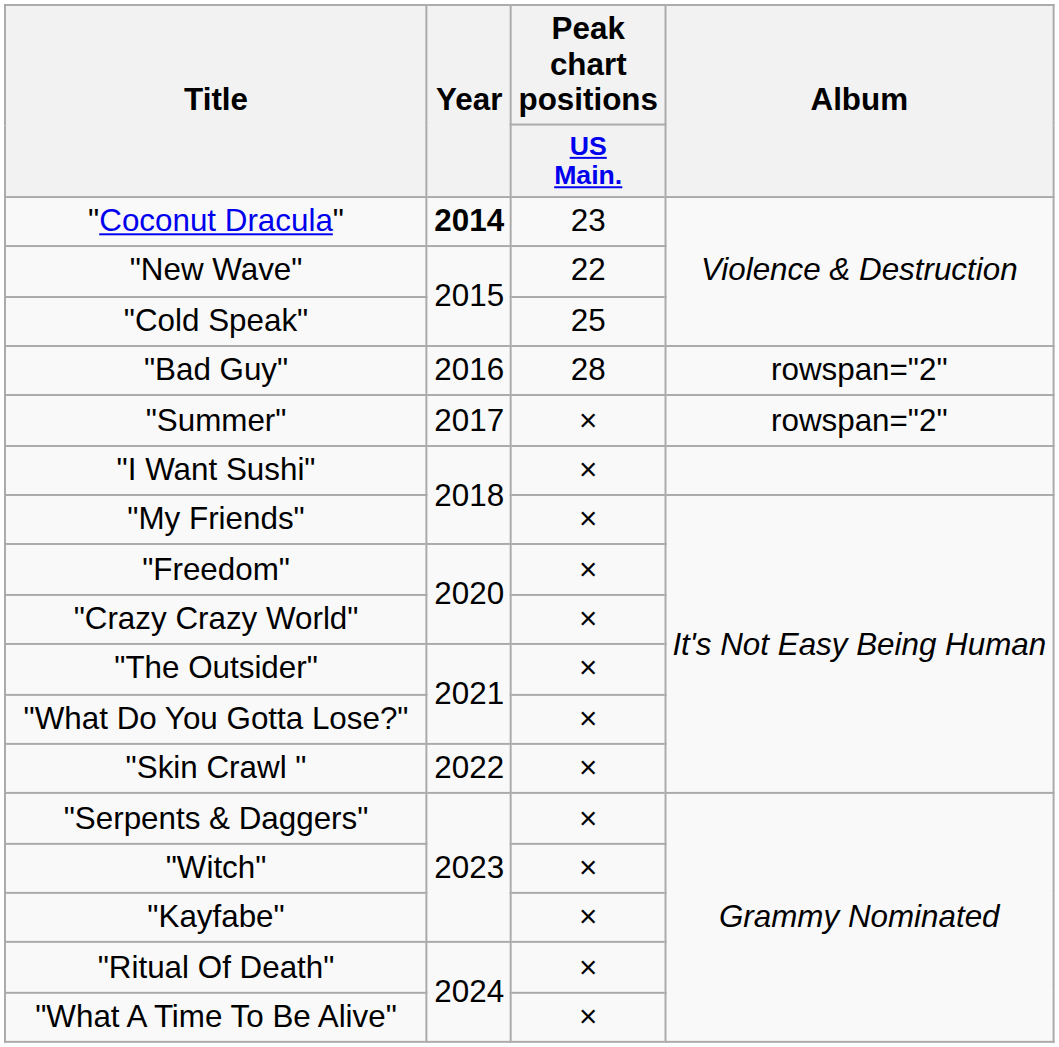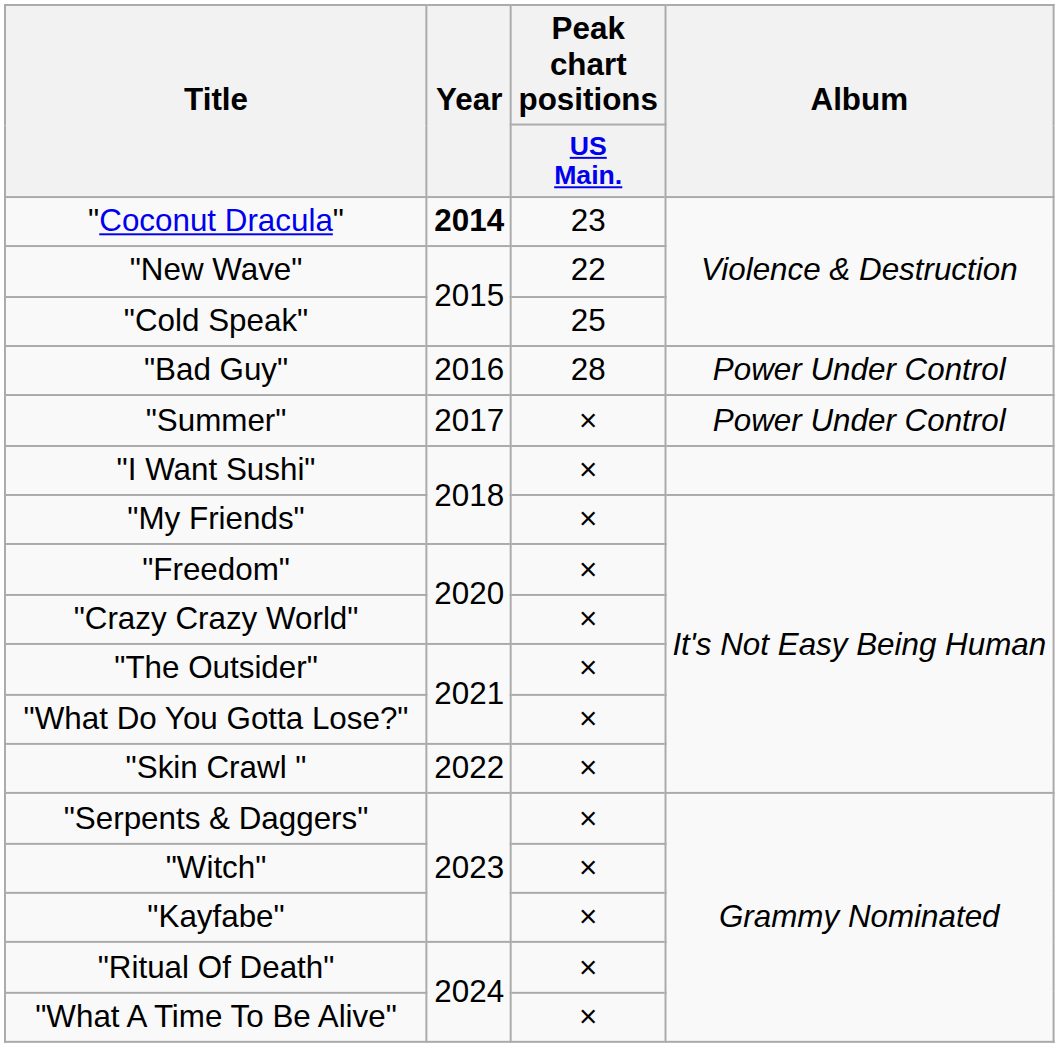 <table class="wikitable plainrowheaders" style="text-align:center;">
 <tr>
 <th scope="col" rowspan="2" style="width:13em;">Title</th>
 <th scope="col" rowspan="2">Year</th>
 <th scope="col" colspan="1">Peak chart positions</th>
 <th scope="col" rowspan="2">Album</th>
 </tr>
 <tr>
 <th scope="col" style="width:2em;font-size:85%;"><a href='#'>US<br>Main.</a><br></th>
 </tr>
 <tr>
 <td scope="row">"<a href='#'>Coconut Dracula</a>"</td>
 <td><strong>2014</strong></td>
 <td>23</td>
 <td rowspan="3"><em>Violence & Destruction</em></td>
 </tr>
 <tr>
 <td scope="row">"New Wave"</td>
 <td rowspan="2">2015</td>
 <td>22</td>
 </tr>
 <tr>
 <td scope="row">"Cold Speak"</td>
 <td>25</td>
 </tr>
 <tr>
 <td scope="row">"Bad Guy"</td>
 <td>2016</td>
 <td>28</td>
-<td>rowspan="2" </td>
+<td><em>Power Under Control</em></td>
 </tr>
 <tr>
 <td scope="row">"Summer"</td>
 <td>2017</td>
 <td>×</td>
-<td>rowspan="2" </td>
+<td><em>Power Under Control</em></td>
 </tr>
 <tr>
 <td scope="row">"I Want Sushi"</td>
 <td rowspan="2">2018</td>
 <td>×</td>
 </tr>
 <tr>
 <td scope="row">"My Friends"</td>
 <td>×</td>
 <td rowspan="6"><em>It's Not Easy Being Human</em></td>
 </tr>
 <tr>
 <td scope="row">"Freedom"</td>
 <td rowspan="2">2020</td>
 <td>×</td>
 </tr>
 <tr>
 <td scope="row">"Crazy Crazy World"</td>
 <td>×</td>
 </tr>
 <tr>
 <td scope="row">"The Outsider"</td>
 <td rowspan="2">2021</td>
 <td>×</td>
 </tr>
 <tr>
 <td scope="row">"What Do You Gotta Lose?"</td>
 <td>×</td>
 </tr>
 <tr>
 <td scope="row">"Skin Crawl "</td>
 <td>2022</td>
 <td>×</td>
 </tr>
 <tr>
 <td>"Serpents & Daggers"</td>
 <td rowspan="3">2023</td>
 <td>×</td>
 <td rowspan="5"><em>Grammy Nominated</em></td>
 </tr>
 <tr>
 <td>"Witch"</td>
 <td>×</td>
 </tr>
 <tr>
 <td>"Kayfabe"</td>
 <td>×</td>
 </tr>
 <tr>
 <td>"Ritual Of Death"</td>
 <td rowspan="2">2024</td>
 <td>×</td>
 </tr>
 <tr>
 <td>"What A Time To Be Alive"</td>
 <td>×</td>
 </tr>
 </table>
